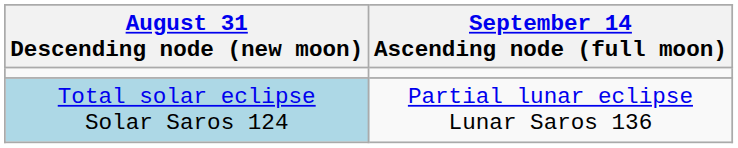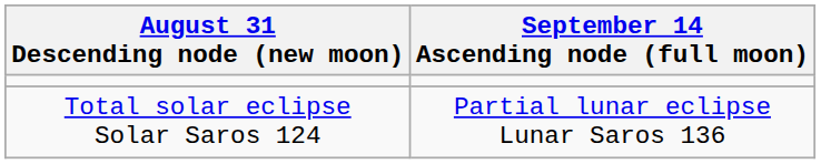 <table class="wikitable">
 <tr>
 <th><a href='#'>August 31</a><br>Descending node (new moon)</th>
 <th><a href='#'>September 14</a><br>Ascending node (full moon)</th>
 </tr>
 <tr>
 <td></td>
 <td></td>
 </tr>
 <tr align=center>
-<td style="background: lightblue;"><a href='#'>Total solar eclipse</a><br>Solar Saros 124</td>
+<td><a href='#'>Total solar eclipse</a><br>Solar Saros 124</td>
 <td><a href='#'>Partial lunar eclipse</a><br>Lunar Saros 136</td>
 </tr>
 </table>
